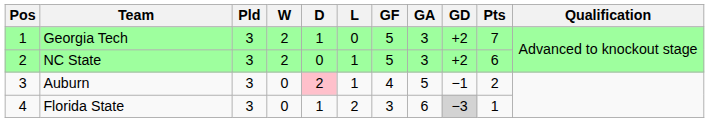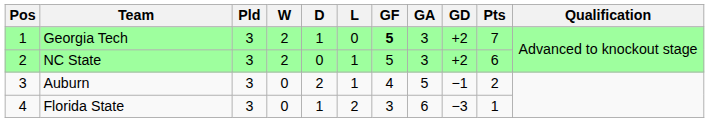 <table class="wikitable" style="text-align:center; margin: 1em auto">
 <tr>
 <th style="width:2em">Pos</th>
 <th style="width:13em">Team</th>
 <th style="width:2em">Pld</th>
 <th style="width:2em">W</th>
 <th style="width:2em">D</th>
 <th style="width:2em">L</th>
 <th style="width:2em">GF</th>
 <th style="width:2em">GA</th>
 <th style="width:2em">GD</th>
 <th style="width:2em">Pts</th>
 <th style="width:13em">Qualification</th>
 </tr>
 <tr bgcolor="#9eff9e">
 <td>1</td>
 <td style="text-align:left">Georgia Tech</td>
 <td>3</td>
 <td>2</td>
 <td>1</td>
 <td>0</td>
-<td>5</td>
+<td><strong>5</strong></td>
 <td>3</td>
 <td>+2</td>
 <td>7</td>
 <td rowspan="2">Advanced to knockout stage</td>
 </tr>
 <tr bgcolor="#9eff9e">
 <td>2</td>
 <td style="text-align:left">NC State</td>
 <td>3</td>
 <td>2</td>
 <td>0</td>
 <td>1</td>
 <td>5</td>
 <td>3</td>
 <td>+2</td>
 <td>6</td>
 </tr>
 <tr>
 <td>3</td>
 <td style="text-align:left">Auburn</td>
 <td>3</td>
 <td>0</td>
-<td style="background: pink;">2</td>
+<td>2</td>
 <td>1</td>
 <td>4</td>
 <td>5</td>
 <td>−1</td>
 <td>2</td>
 <td rowspan="2"></td>
 </tr>
 <tr>
 <td>4</td>
 <td style="text-align:left">Florida State</td>
 <td>3</td>
 <td>0</td>
 <td>1</td>
 <td>2</td>
 <td>3</td>
 <td>6</td>
-<td style="background: lightgrey;">−3</td>
+<td>−3</td>
 <td>1</td>
 </tr>
 </table>
